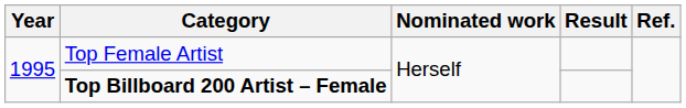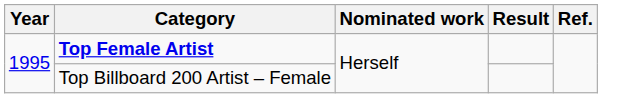 <table class="wikitable">
 <tr>
 <th>Year</th>
 <th>Category</th>
 <th>Nominated work</th>
 <th>Result</th>
 <th>Ref.</th>
 </tr>
 <tr>
 <td rowspan="2"><a href='#'>1995</a></td>
-<td><a href='#'>Top Female Artist</a></td>
+<td><strong><a href='#'>Top Female Artist</a></strong></td>
 <td rowspan="2">Herself</td>
 <td></td>
 <td align="center" rowspan="2"></td>
 </tr>
 <tr>
-<td><strong>Top Billboard 200 Artist – Female</strong></td>
+<td>Top Billboard 200 Artist – Female</td>
 <td></td>
 </tr>
 </table>
